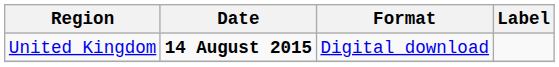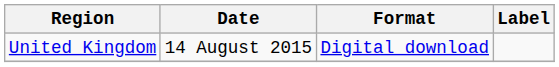 <table class=wikitable>
 <tr>
 <th>Region</th>
 <th>Date</th>
 <th>Format</th>
 <th>Label</th>
 </tr>
 <tr>
 <td><a href='#'>United Kingdom</a></td>
-<td><strong>14 August 2015</strong></td>
+<td>14 August 2015</td>
 <td><a href='#'>Digital download</a></td>
 <td></td>
 </tr>
 <tr>
 </tr>
 </table>
